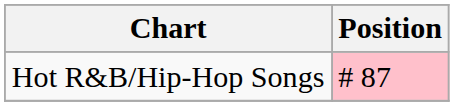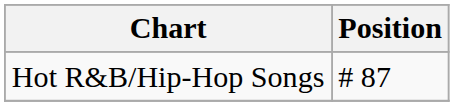 <table class="wikitable">
 <tr>
 <th align="left">Chart</th>
 <th align="left">Position</th>
 </tr>
 <tr>
 <td align="left">Hot R&B/Hip-Hop Songs</td>
-<td align="left" style="background: pink;"># 87</td>
+<td align="left"># 87</td>
 </tr>
 <tr>
 </tr>
 </table>
